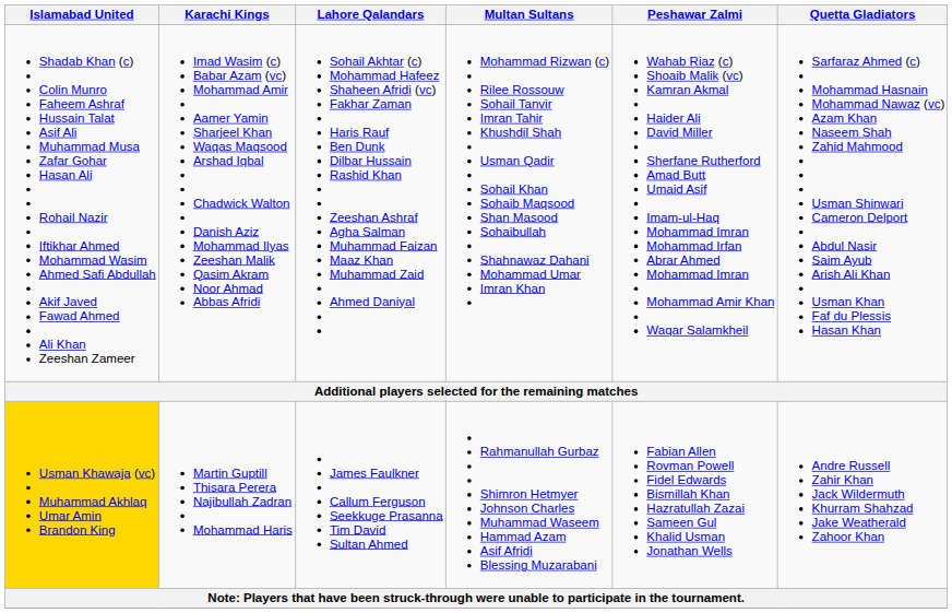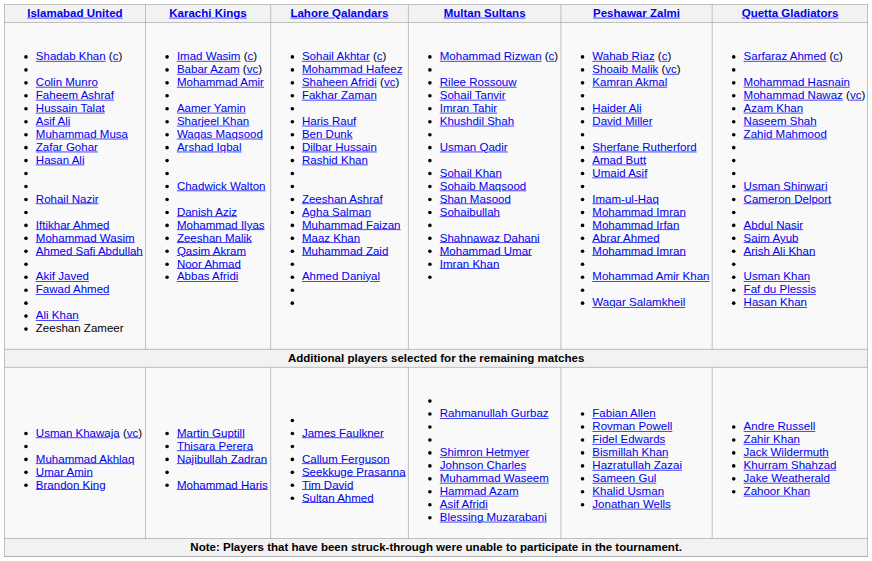 <table class="wikitable">
 <tr>
 <th><a href='#'>Islamabad United</a></th>
 <th><a href='#'>Karachi Kings</a></th>
 <th><a href='#'>Lahore Qalandars</a></th>
 <th><a href='#'>Multan Sultans</a></th>
 <th><a href='#'>Peshawar Zalmi</a></th>
 <th><a href='#'>Quetta Gladiators</a></th>
 </tr>
 <tr>
 <td valign=top><br><ul><li><a href='#'>Shadab Khan</a> (<a href='#'>c</a>)</li><li></li><li><a href='#'>Colin Munro</a></li><li><a href='#'>Faheem Ashraf</a></li><li><a href='#'>Hussain Talat</a></li><li><a href='#'>Asif Ali</a></li><li><a href='#'>Muhammad Musa</a></li><li><a href='#'>Zafar Gohar</a></li><li><a href='#'>Hasan Ali</a></li><li></li><li></li><li><a href='#'>Rohail Nazir</a></li><li></li><li><a href='#'>Iftikhar Ahmed</a></li><li><a href='#'>Mohammad Wasim</a></li><li><a href='#'>Ahmed Safi Abdullah</a></li><li></li><li><a href='#'>Akif Javed</a></li><li><a href='#'>Fawad Ahmed</a></li><li></li><li><a href='#'>Ali Khan</a></li><li>Zeeshan Zameer</li></ul></td>
 <td valign=top><br><ul><li><a href='#'>Imad Wasim</a> (<a href='#'>c</a>)</li><li><a href='#'>Babar Azam</a> (<a href='#'>vc</a>)</li><li><a href='#'>Mohammad Amir</a></li><li></li><li><a href='#'>Aamer Yamin</a></li><li><a href='#'>Sharjeel Khan</a></li><li><a href='#'>Waqas Maqsood</a></li><li><a href='#'>Arshad Iqbal</a></li><li></li><li></li><li><a href='#'>Chadwick Walton</a></li><li></li><li><a href='#'>Danish Aziz</a></li><li><a href='#'>Mohammad Ilyas</a></li><li><a href='#'>Zeeshan Malik</a></li><li><a href='#'>Qasim Akram</a></li><li><a href='#'>Noor Ahmad</a></li><li><a href='#'>Abbas Afridi</a></li></ul></td>
 <td valign=top><br><ul><li><a href='#'>Sohail Akhtar</a> (<a href='#'>c</a>)</li><li><a href='#'>Mohammad Hafeez</a></li><li><a href='#'>Shaheen Afridi</a> (<a href='#'>vc</a>)</li><li><a href='#'>Fakhar Zaman</a></li><li></li><li><a href='#'>Haris Rauf</a></li><li><a href='#'>Ben Dunk</a></li><li><a href='#'>Dilbar Hussain</a></li><li><a href='#'>Rashid Khan</a></li><li></li><li></li><li><a href='#'>Zeeshan Ashraf</a></li><li><a href='#'>Agha Salman</a></li><li><a href='#'>Muhammad Faizan</a></li><li><a href='#'>Maaz Khan</a></li><li><a href='#'>Muhammad Zaid</a></li><li></li><li><a href='#'>Ahmed Daniyal</a></li><li></li><li></li></ul></td>
 <td valign=top><br><ul><li><a href='#'>Mohammad Rizwan</a> (<a href='#'>c</a>)</li><li></li><li><a href='#'>Rilee Rossouw</a></li><li><a href='#'>Sohail Tanvir</a></li><li><a href='#'>Imran Tahir</a></li><li><a href='#'>Khushdil Shah</a></li><li></li><li><a href='#'>Usman Qadir</a></li><li></li><li><a href='#'>Sohail Khan</a></li><li><a href='#'>Sohaib Maqsood</a></li><li><a href='#'>Shan Masood</a></li><li><a href='#'>Sohaibullah</a></li><li></li><li><a href='#'>Shahnawaz Dahani</a></li><li><a href='#'>Mohammad Umar</a></li><li><a href='#'>Imran Khan</a></li><li></li></ul></td>
 <td valign=top><br><ul><li><a href='#'>Wahab Riaz</a> (<a href='#'>c</a>)</li><li><a href='#'>Shoaib Malik</a> (<a href='#'>vc</a>)</li><li><a href='#'>Kamran Akmal</a></li><li></li><li><a href='#'>Haider Ali</a></li><li><a href='#'>David Miller</a></li><li></li><li><a href='#'>Sherfane Rutherford</a></li><li><a href='#'>Amad Butt</a></li><li><a href='#'>Umaid Asif</a></li><li></li><li><a href='#'>Imam-ul-Haq</a></li><li><a href='#'>Mohammad Imran</a></li><li><a href='#'>Mohammad Irfan</a></li><li><a href='#'>Abrar Ahmed</a></li><li><a href='#'>Mohammad Imran</a></li><li></li><li><a href='#'>Mohammad Amir Khan</a></li><li></li><li><a href='#'>Waqar Salamkheil</a></li></ul></td>
 <td valign=top><br><ul><li><a href='#'>Sarfaraz Ahmed</a> (<a href='#'>c</a>)</li><li></li><li><a href='#'>Mohammad Hasnain</a></li><li><a href='#'>Mohammad Nawaz</a> (<a href='#'>vc</a>)</li><li><a href='#'>Azam Khan</a></li><li><a href='#'>Naseem Shah</a></li><li><a href='#'>Zahid Mahmood</a></li><li></li><li></li><li></li><li><a href='#'>Usman Shinwari</a></li><li><a href='#'>Cameron Delport</a></li><li></li><li><a href='#'>Abdul Nasir</a></li><li><a href='#'>Saim Ayub</a></li><li><a href='#'>Arish Ali Khan</a></li><li></li><li><a href='#'>Usman Khan</a></li><li><a href='#'>Faf du Plessis</a></li><li><a href='#'>Hasan Khan</a></li></ul></td>
 </tr>
 <tr>
 <th colspan="6">Additional players selected for the remaining matches</th>
 </tr>
 <tr>
-<td style="background: gold;"><br><ul><li><a href='#'>Usman Khawaja</a> (<a href='#'>vc</a>)</li><li></li><li><a href='#'>Muhammad Akhlaq</a></li><li><a href='#'>Umar Amin</a></li><li><a href='#'>Brandon King</a></li></ul></td>
+<td><br><ul><li><a href='#'>Usman Khawaja</a> (<a href='#'>vc</a>)</li><li></li><li><a href='#'>Muhammad Akhlaq</a></li><li><a href='#'>Umar Amin</a></li><li><a href='#'>Brandon King</a></li></ul></td>
 <td><br><ul><li><a href='#'>Martin Guptill</a></li><li><a href='#'>Thisara Perera</a></li><li><a href='#'>Najibullah Zadran</a></li><li></li><li><a href='#'>Mohammad Haris</a></li></ul></td>
 <td><br><ul><li></li><li><a href='#'>James Faulkner</a></li><li></li><li><a href='#'>Callum Ferguson</a></li><li><a href='#'>Seekkuge Prasanna</a></li><li><a href='#'>Tim David</a></li><li><a href='#'>Sultan Ahmed</a></li></ul></td>
 <td><br><ul><li></li><li><a href='#'>Rahmanullah Gurbaz</a></li><li></li><li></li><li><a href='#'>Shimron Hetmyer</a></li><li><a href='#'>Johnson Charles</a></li><li><a href='#'>Muhammad Waseem</a></li><li><a href='#'>Hammad Azam</a></li><li><a href='#'>Asif Afridi</a></li><li><a href='#'>Blessing Muzarabani</a></li></ul></td>
 <td><br><ul><li><a href='#'>Fabian Allen</a></li><li><a href='#'>Rovman Powell</a></li><li><a href='#'>Fidel Edwards</a></li><li><a href='#'>Bismillah Khan</a></li><li><a href='#'>Hazratullah Zazai</a></li><li><a href='#'>Sameen Gul</a></li><li><a href='#'>Khalid Usman</a></li><li><a href='#'>Jonathan Wells</a></li></ul></td>
 <td><br><ul><li><a href='#'>Andre Russell</a></li><li><a href='#'>Zahir Khan</a></li><li><a href='#'>Jack Wildermuth</a></li><li><a href='#'>Khurram Shahzad</a></li><li><a href='#'>Jake Weatherald</a></li><li><a href='#'>Zahoor Khan</a></li></ul></td>
 </tr>
 <tr>
 <th colspan="6">Note: Players that have been struck-through were unable to participate in the tournament.</th>
 </tr>
 <tr>
 </tr>
 </table>
